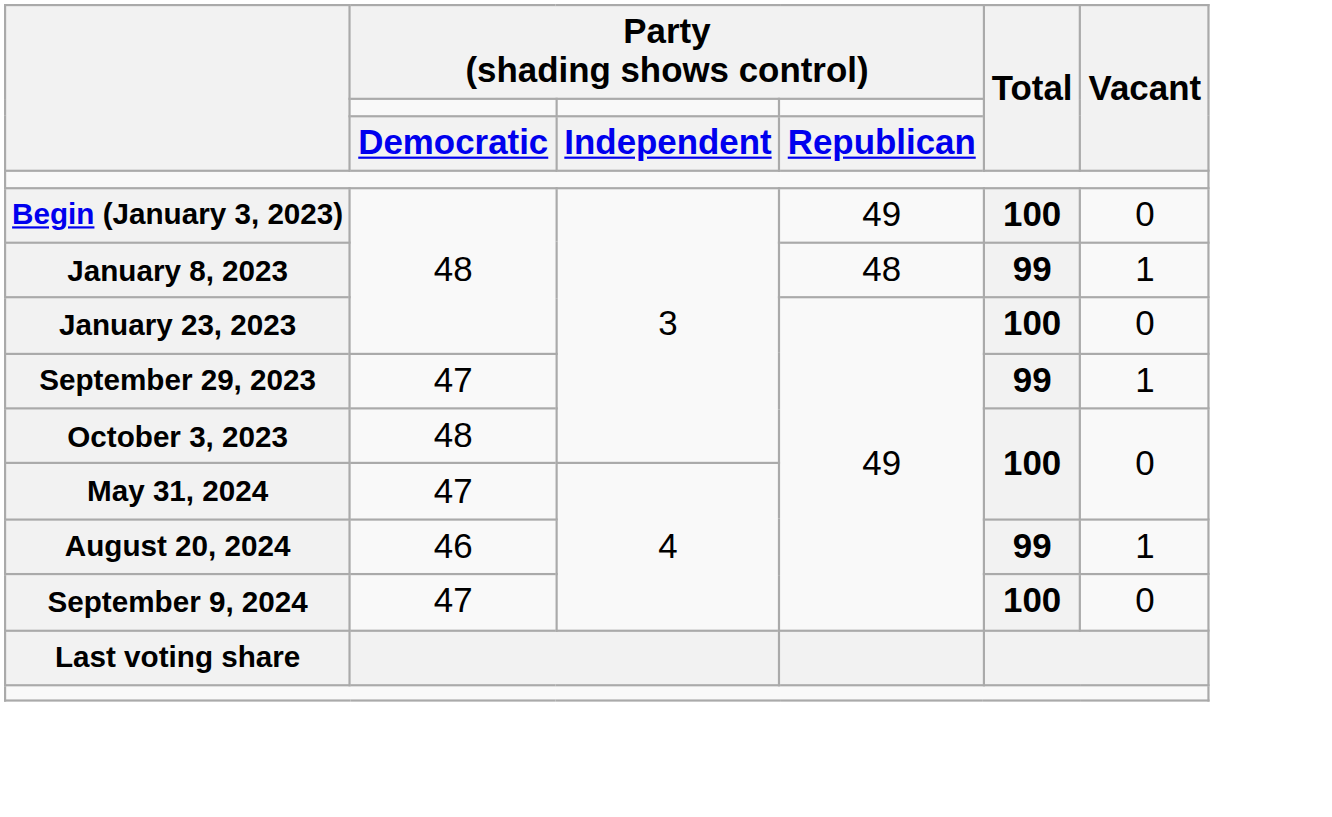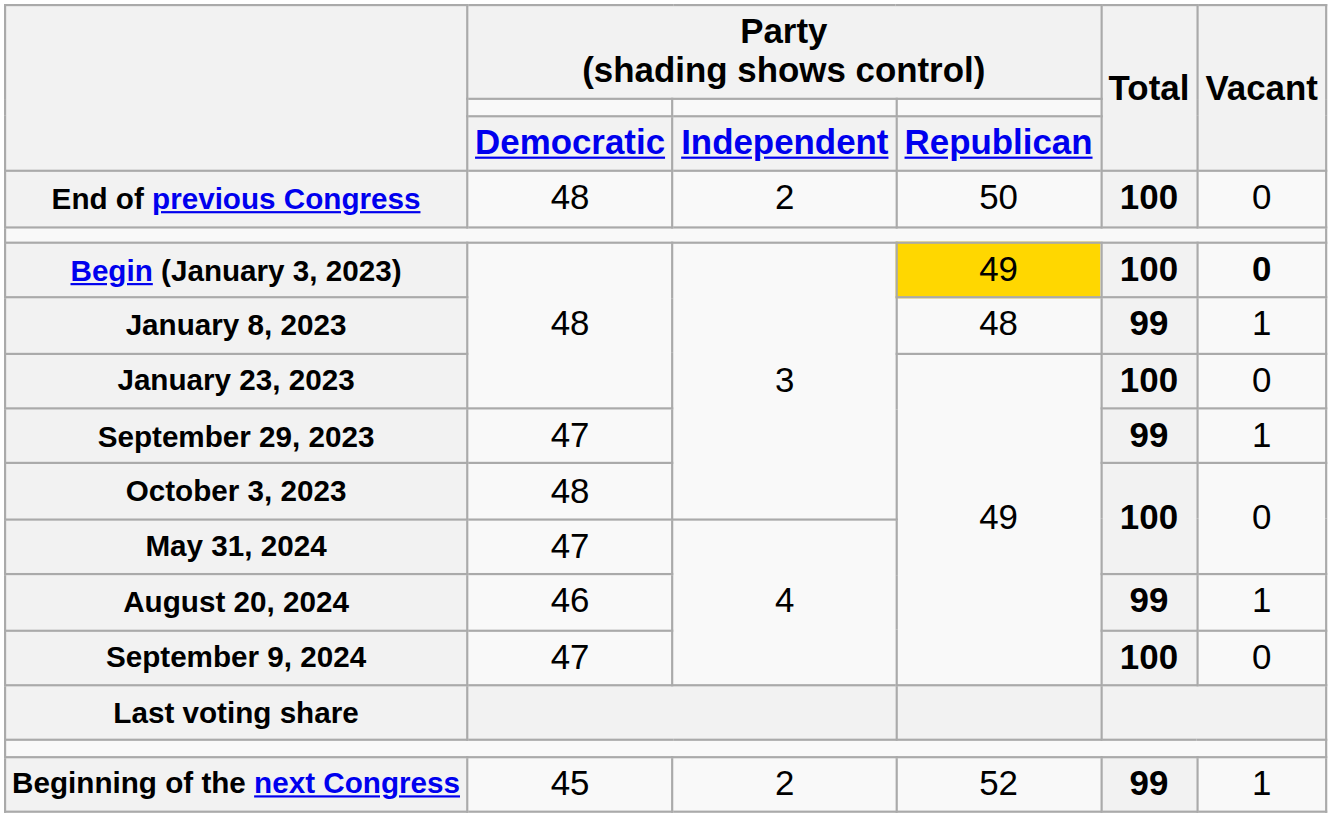 <table class="wikitable" style="text-align:center">
 <tr>
 <th scope="col" rowspan="3"> </th>
 <th scope="col" colspan="3">Party<div>(shading shows control)</div></th>
 <th scope="col" rowspan="3">Total</th>
 <th scope="col" rowspan="3">Vacant</th>
 </tr>
 <tr style="height:5px">
 <td style="background-color:"></td>
 <td style="background-color:"></td>
 <td style="background-color:"></td>
 </tr>
 <tr>
 <th scope="col"><a href='#'>Democratic</a></th>
 <th scope="col"><a href='#'>Independent</a></th>
 <th scope="col"><a href='#'>Republican</a></th>
 </tr>
 <tr>
+<th scope="row" style="font-size:85%">End of <a href='#'>previous Congress</a></th>
+<td>48</td>
+<td>2</td>
+<td>50</td>
+<th>100</th>
+<td>0</td>
+</tr>
+<tr>
 <td colspan="6"></td>
 </tr>
 <tr>
 <th scope="row" style="font-size:85%"><a href='#'>Begin</a> (January 3, 2023)</th>
 <td rowspan=3 >48</td>
 <td rowspan=5 >3</td>
-<td>49</td>
+<td style="background: gold;">49</td>
 <th>100</th>
-<td>0</td>
+<td><strong>0</strong></td>
 </tr>
 <tr>
 <th scope="row" style="font-size:85%">January 8, 2023</th>
 <td>48</td>
 <th>99</th>
 <td>1</td>
 </tr>
 <tr>
 <th scope="row" style="font-size:85%">January 23, 2023</th>
 <td rowspan=6>49</td>
 <th>100</th>
 <td>0</td>
 </tr>
 <tr>
 <th scope="row" style="font-size:85%">September 29, 2023</th>
 <td>47</td>
 <th>99</th>
 <td>1</td>
 </tr>
 <tr>
 <th scope="row" style="font-size:85%">October 3, 2023</th>
 <td>48</td>
 <th rowspan=2>100</th>
 <td rowspan=2>0</td>
 </tr>
 <tr>
 <th scope="row" style="font-size:85%">May 31, 2024</th>
 <td>47</td>
 <td rowspan=3 >4</td>
 </tr>
 <tr>
 <th scope="row" style="font-size:85%">August 20, 2024</th>
 <td>46</td>
 <th>99</th>
 <td>1</td>
 </tr>
 <tr>
 <th scope="row" style="font-size:85%">September 9, 2024</th>
 <td>47</td>
 <th>100</th>
 <td>0</td>
 </tr>
 <tr>
 <th scope="row" style="font-size:85%">Last voting share</th>
 <th colspan="2" ></th>
 <th></th>
 <th colspan=2> </th>
 </tr>
 <tr>
 <td colspan=6></td>
 </tr>
+<tr>
+<th style="white-space:nowrap; font-size:85%;">Beginning of the <a href='#'>next Congress</a></th>
+<td>45</td>
+<td>2</td>
+<td>52</td>
+<th>99</th>
+<td>1</td>
+</tr>
 </table>
